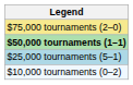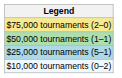 <table class="wikitable" style="font-size:85%">
 <tr>
 <th>Legend</th>
 </tr>
 <tr style="background:#f7e98e;">
 <td>$75,000 tournaments (2–0)</td>
 </tr>
 <tr style="background:#addfad;">
-<td><strong>$50,000 tournaments (1–1)</strong></td>
+<td>$50,000 tournaments (1–1)</td>
 </tr>
 <tr style="background:lightblue;">
 <td>$25,000 tournaments (5–1)</td>
 </tr>
 <tr style="background:#f0f8ff;">
 <td>$10,000 tournaments (0–2)</td>
 </tr>
 </table>
